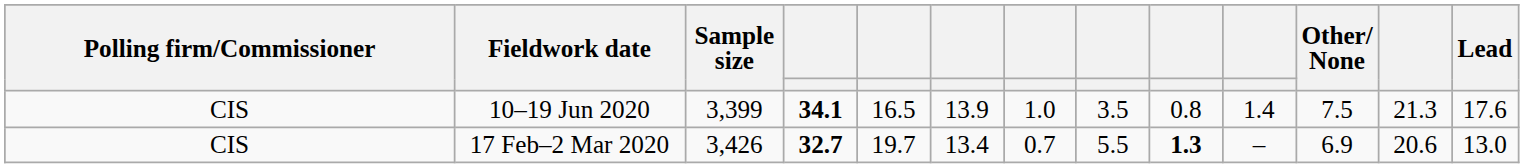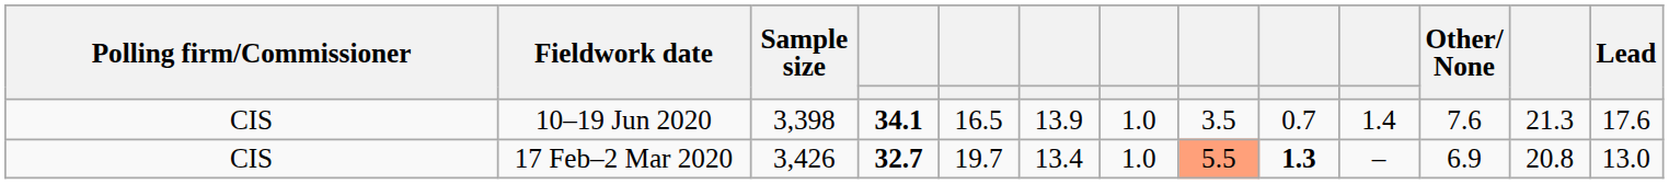 <table class="wikitable collapsible collapsed" style="text-align:center; font-size:90%; line-height:14px;">
 <tr style="height:42px;">
 <th style="width:250px;" rowspan="2">Polling firm/Commissioner</th>
 <th style="width:125px;" rowspan="2">Fieldwork date</th>
 <th style="width:50px;" rowspan="2">Sample size</th>
 <th style="width:35px;"></th>
 <th style="width:35px;"></th>
 <th style="width:35px;"></th>
 <th style="width:35px;"></th>
 <th style="width:35px;"></th>
 <th style="width:35px;"></th>
 <th style="width:35px;"></th>
 <th style="width:35px;" rowspan="2">Other/<br>None</th>
 <th style="width:35px;" rowspan="2"></th>
 <th style="width:30px;" rowspan="2">Lead</th>
 </tr>
 <tr>
 <th style="color:inherit;background:"></th>
 <th style="color:inherit;background:"></th>
 <th style="color:inherit;background:"></th>
 <th style="color:inherit;background:"></th>
 <th style="color:inherit;background:"></th>
 <th style="color:inherit;background:"></th>
 <th style="color:inherit;background:"></th>
 </tr>
 <tr>
 <td>CIS</td>
 <td>10–19 Jun 2020</td>
-<td>3,399</td>
+<td>3,398</td>
 <td><strong>34.1</strong></td>
 <td>16.5</td>
 <td>13.9</td>
 <td>1.0</td>
 <td>3.5</td>
-<td>0.8</td>
+<td>0.7</td>
 <td>1.4</td>
-<td>7.5</td>
+<td>7.6</td>
 <td>21.3</td>
 <td style="background:">17.6</td>
 </tr>
 <tr>
 <td>CIS</td>
 <td>17 Feb–2 Mar 2020</td>
 <td>3,426</td>
 <td><strong>32.7</strong></td>
 <td>19.7</td>
 <td>13.4</td>
-<td>0.7</td>
-<td>5.5</td>
+<td>1.0</td>
+<td style="background: lightsalmon;">5.5</td>
 <td><strong>1.3</strong></td>
 <td>–</td>
 <td>6.9</td>
-<td>20.6</td>
+<td>20.8</td>
 <td style="background:">13.0</td>
 </tr>
 </table>
